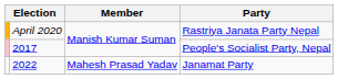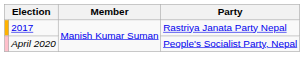 <table class="wikitable">
 <tr>
 <th colspan="2">Election</th>
 <th>Member</th>
 <th>Party</th>
 </tr>
 <tr>
 <td style="background-color:#ffb300"></td>
-<td><em>April 2020</em></td>
+<td><a href='#'>2017</a></td>
 <td rowspan="2"><a href='#'>Manish Kumar Suman</a></td>
 <td><a href='#'>Rastriya Janata Party Nepal</a></td>
 </tr>
 <tr>
 <td style="background-color:pink"></td>
-<td><a href='#'>2017</a></td>
+<td><em>April 2020</em></td>
 <td><a href='#'>People's Socialist Party, Nepal</a></td>
 </tr>
-<tr>
-<td style="background-color:"></td>
-<td><a href='#'>2022</a></td>
-<td><a href='#'>Mahesh Prasad Yadav</a></td>
-<td><a href='#'>Janamat Party</a></td>
-</tr>
 </table>
